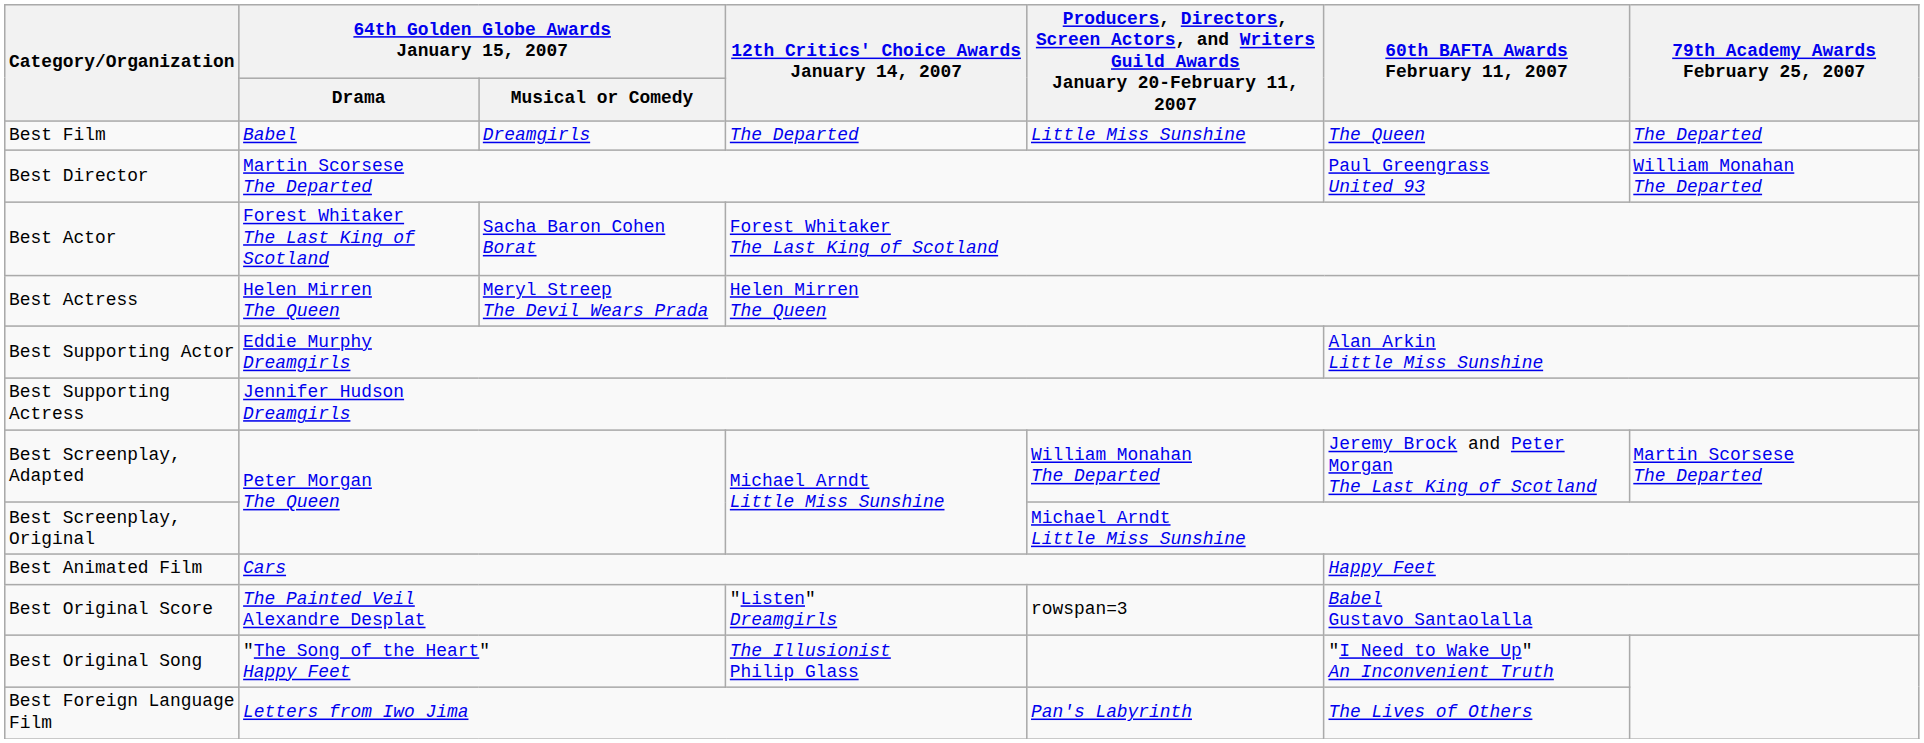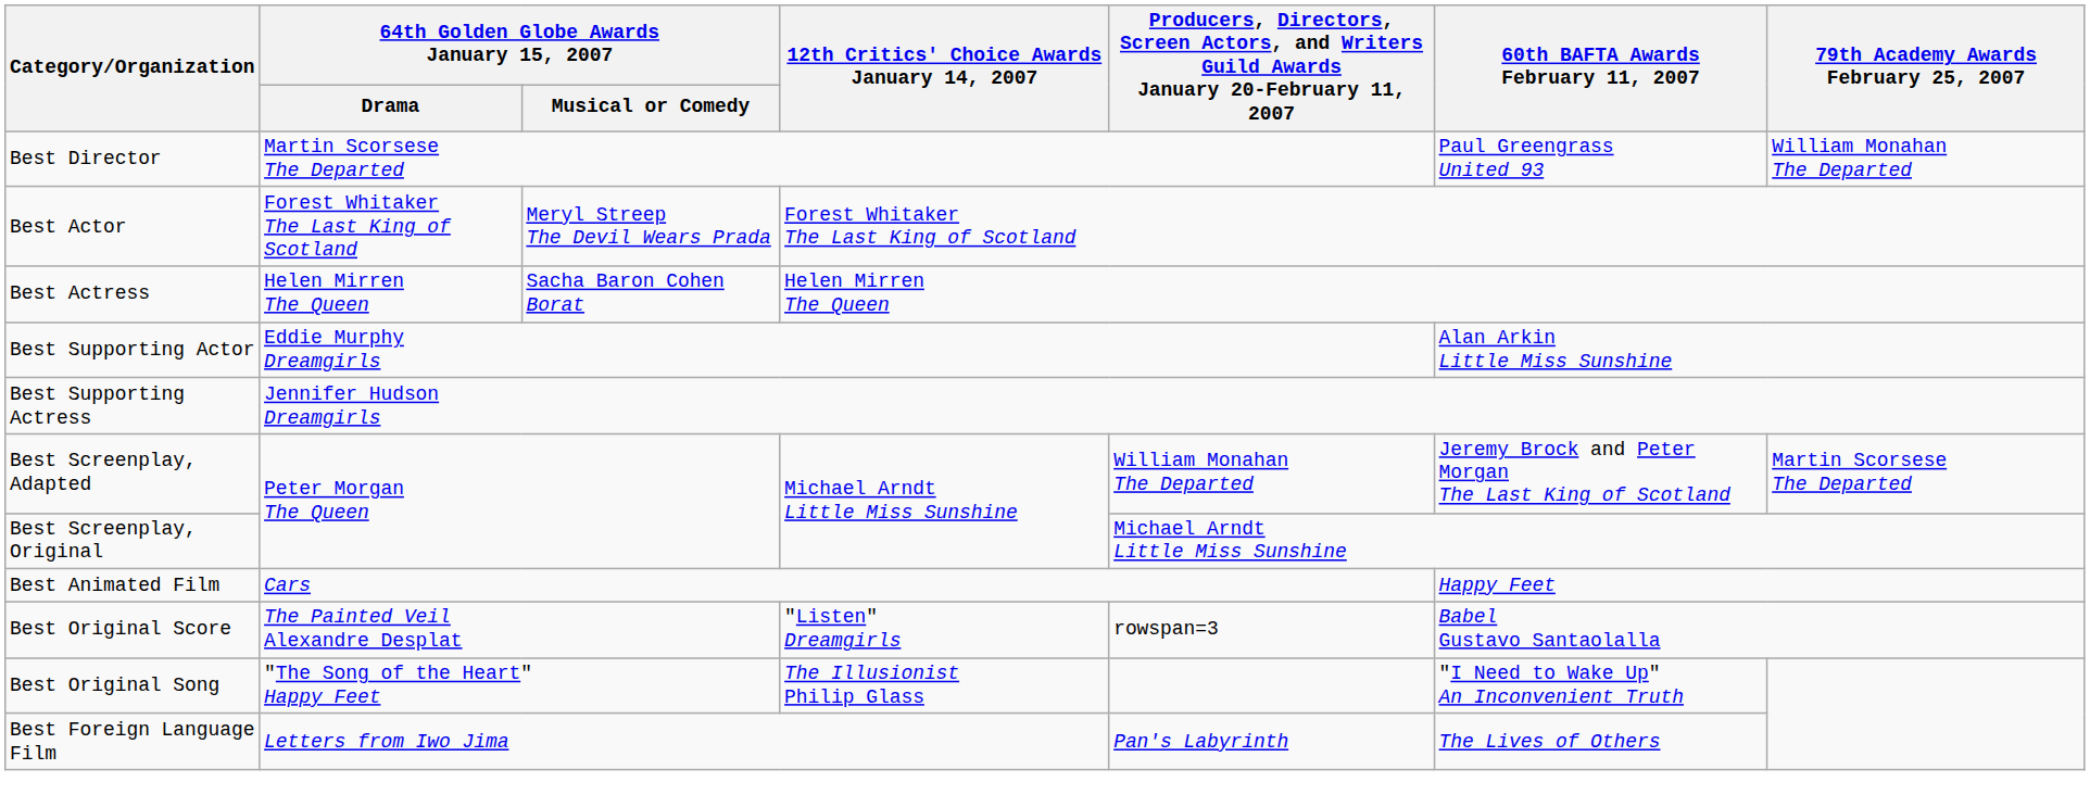 <table class="wikitable" style="font-size: 90%;">
 <tr>
 <th rowspan="2" style="width:20px;">Category/Organization</th>
 <th colspan="2" style="width:250px;"><a href='#'>64th Golden Globe Awards</a><br>January 15, 2007</th>
 <th rowspan="2" style="width:250px;"><a href='#'>12th Critics' Choice Awards</a><br>January 14, 2007</th>
 <th rowspan="2" style="width:250px;"><a href='#'>Producers</a>, <a href='#'>Directors</a>, <a href='#'>Screen Actors</a>, and <a href='#'>Writers Guild Awards</a><br>January 20-February 11, 2007</th>
 <th rowspan="2" style="width:250px;"><a href='#'>60th BAFTA Awards</a><br>February 11, 2007</th>
 <th rowspan="2" style="width:250px;"><a href='#'>79th Academy Awards</a><br>February 25, 2007</th>
 </tr>
 <tr>
 <th width=200>Drama</th>
 <th style="width:200px;">Musical or Comedy</th>
 </tr>
 <tr>
-<td>Best Film</td>
-<td><em><a href='#'>Babel</a></em></td>
-<td><em><a href='#'>Dreamgirls</a></em></td>
-<td><em><a href='#'>The Departed</a></em></td>
-<td><em><a href='#'>Little Miss Sunshine</a></em></td>
-<td><em><a href='#'>The Queen</a></em></td>
-<td><em><a href='#'>The Departed</a></em></td>
-</tr>
-<tr>
 <td>Best Director</td>
 <td colspan="4"><a href='#'>Martin Scorsese</a><br><em><a href='#'>The Departed</a></em></td>
 <td><a href='#'>Paul Greengrass</a><br><em><a href='#'>United 93</a></em></td>
 <td><a href='#'>William Monahan</a><br><em><a href='#'>The Departed</a></em></td>
 </tr>
 <tr>
 <td>Best Actor</td>
 <td><a href='#'>Forest Whitaker</a><br><em><a href='#'>The Last King of Scotland</a></em></td>
-<td><a href='#'>Sacha Baron Cohen</a><br><em><a href='#'>Borat</a></em></td>
+<td><a href='#'>Meryl Streep</a><br><em><a href='#'>The Devil Wears Prada</a></em></td>
 <td colspan="4"><a href='#'>Forest Whitaker</a><br><em><a href='#'>The Last King of Scotland</a></em></td>
 </tr>
 <tr>
 <td>Best Actress</td>
 <td><a href='#'>Helen Mirren</a><br><em><a href='#'>The Queen</a></em></td>
-<td><a href='#'>Meryl Streep</a><br><em><a href='#'>The Devil Wears Prada</a></em></td>
+<td><a href='#'>Sacha Baron Cohen</a><br><em><a href='#'>Borat</a></em></td>
 <td colspan="4"><a href='#'>Helen Mirren</a><br><em><a href='#'>The Queen</a></em></td>
 </tr>
 <tr>
 <td>Best Supporting Actor</td>
 <td colspan="4"><a href='#'>Eddie Murphy</a><br><em><a href='#'>Dreamgirls</a></em></td>
 <td colspan="2"><a href='#'>Alan Arkin</a><br><em><a href='#'>Little Miss Sunshine</a></em></td>
 </tr>
 <tr>
 <td>Best Supporting Actress</td>
 <td colspan="6"><a href='#'>Jennifer Hudson</a><br><em><a href='#'>Dreamgirls</a></em></td>
 </tr>
 <tr>
 <td>Best Screenplay, Adapted</td>
 <td rowspan="2" colspan="2"><a href='#'>Peter Morgan</a><br><em><a href='#'>The Queen</a></em></td>
 <td rowspan="2"><a href='#'>Michael Arndt</a><br><em><a href='#'>Little Miss Sunshine</a></em></td>
 <td><a href='#'>William Monahan</a><br><em><a href='#'>The Departed</a></em></td>
 <td><a href='#'>Jeremy Brock</a> and <a href='#'>Peter Morgan</a><br><em><a href='#'>The Last King of Scotland</a></em></td>
 <td><a href='#'>Martin Scorsese</a><br><em><a href='#'>The Departed</a></em></td>
 </tr>
 <tr>
 <td>Best Screenplay, Original</td>
 <td colspan="3"><a href='#'>Michael Arndt</a><br><em><a href='#'>Little Miss Sunshine</a></em></td>
 </tr>
 <tr>
 <td>Best Animated Film</td>
 <td colspan="4"><em><a href='#'>Cars</a></em></td>
 <td colspan="2"><em><a href='#'>Happy Feet</a></em></td>
 </tr>
 <tr>
 <td>Best Original Score</td>
 <td colspan="2"><em><a href='#'>The Painted Veil</a></em><br><a href='#'>Alexandre Desplat</a></td>
 <td>"<a href='#'>Listen</a>"<br><em><a href='#'>Dreamgirls</a></em></td>
 <td>rowspan=3 </td>
 <td colspan="2"><em><a href='#'>Babel</a></em><br><a href='#'>Gustavo Santaolalla</a></td>
 </tr>
 <tr>
 <td>Best Original Song</td>
 <td colspan="2">"<a href='#'>The Song of the Heart</a>"<br><em><a href='#'>Happy Feet</a></em></td>
 <td><em><a href='#'>The Illusionist</a></em><br><a href='#'>Philip Glass</a></td>
 <td></td>
 <td>"<a href='#'>I Need to Wake Up</a>"<br><em><a href='#'>An Inconvenient Truth</a></em></td>
 </tr>
 <tr>
 <td>Best Foreign Language Film</td>
 <td colspan="3"><em><a href='#'>Letters from Iwo Jima</a></em></td>
 <td><em><a href='#'>Pan's Labyrinth</a></em></td>
 <td><em><a href='#'>The Lives of Others</a></em></td>
 </tr>
 </table>
